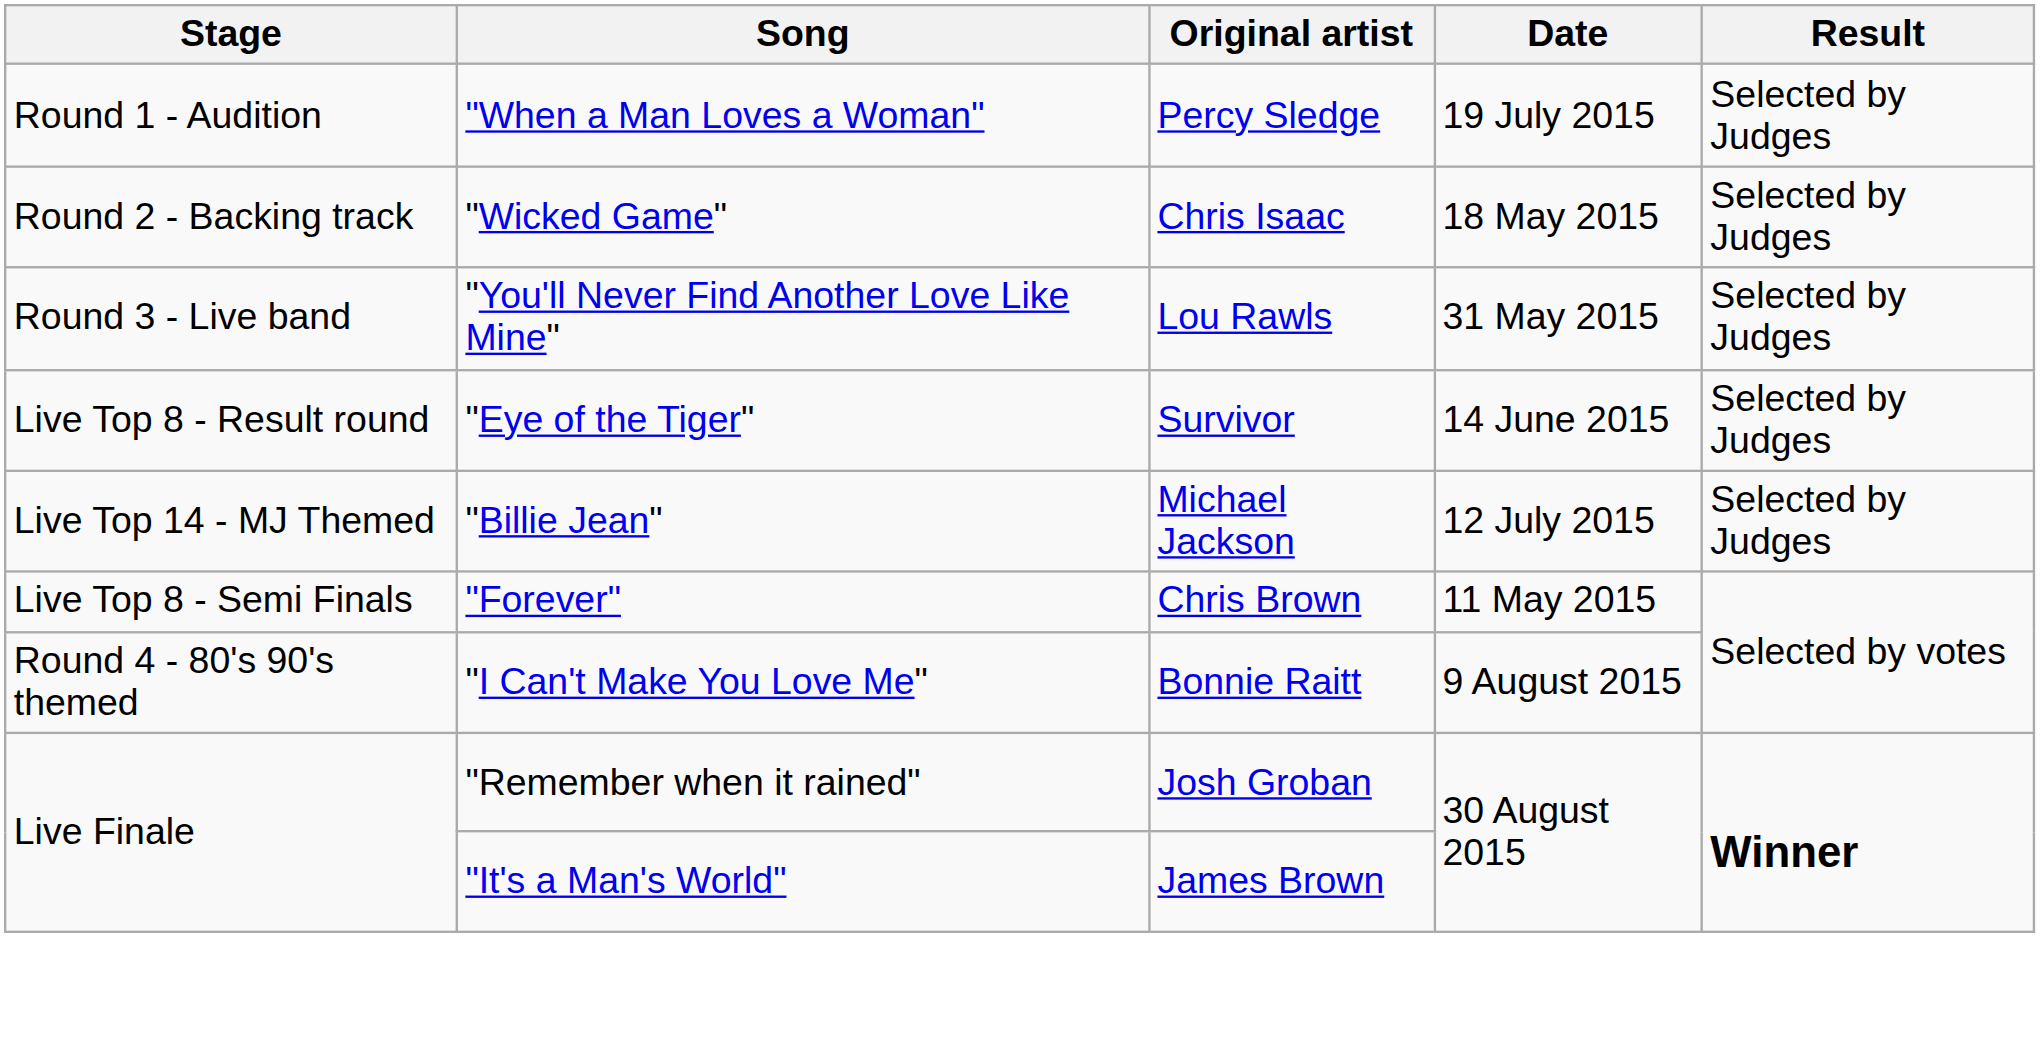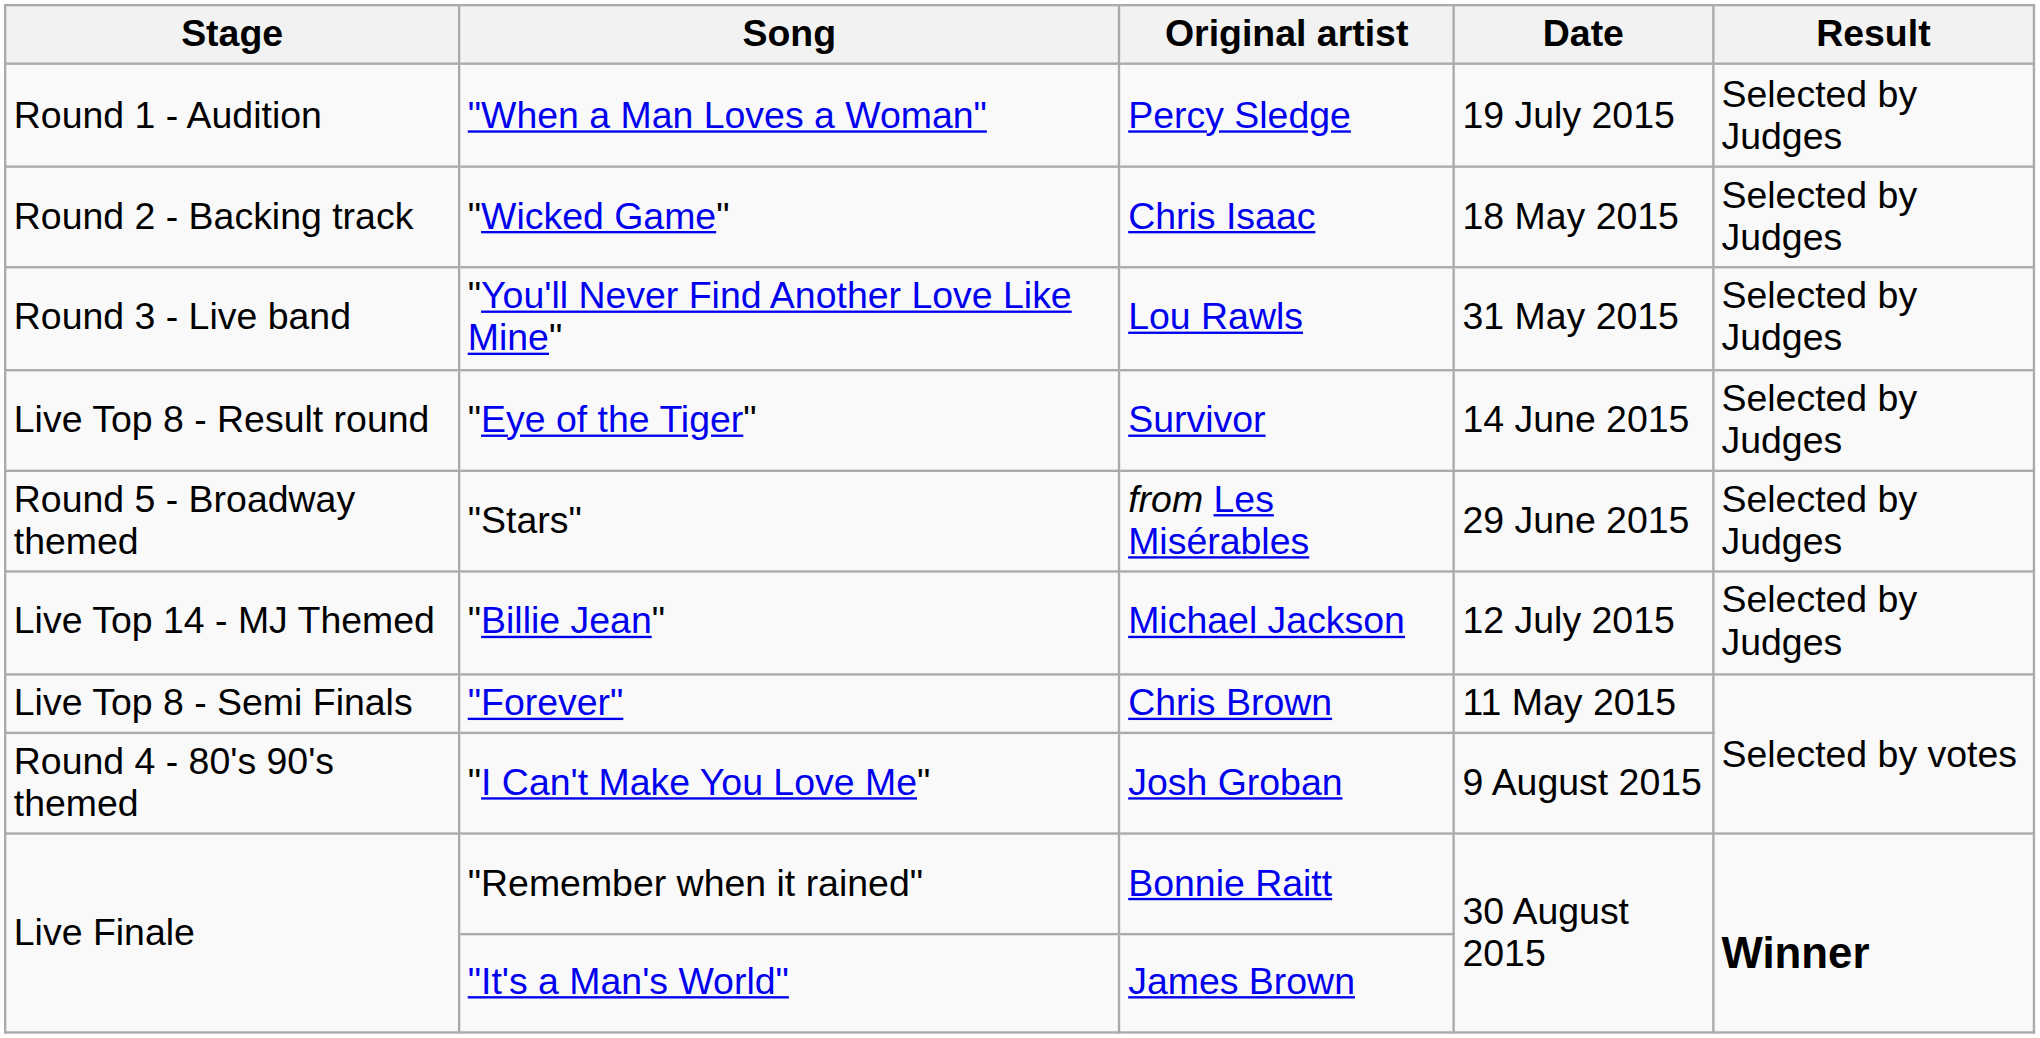 <table class="wikitable">
 <tr>
 <th>Stage</th>
 <th>Song</th>
 <th>Original artist</th>
 <th>Date</th>
 <th>Result</th>
 </tr>
 <tr>
 <td>Round 1 - Audition</td>
 <td><a href='#'>"When a Man Loves a Woman"</a></td>
 <td><a href='#'>Percy Sledge</a></td>
 <td>19 July 2015</td>
 <td>Selected by Judges</td>
 </tr>
 <tr>
 <td>Round 2 - Backing track</td>
 <td>"<a href='#'>Wicked Game</a>"</td>
 <td><a href='#'>Chris Isaac</a></td>
 <td>18 May 2015</td>
 <td>Selected by Judges</td>
 </tr>
 <tr>
 <td>Round 3 - Live band</td>
 <td>"<a href='#'>You'll Never Find Another Love Like Mine</a>"</td>
 <td><a href='#'>Lou Rawls</a></td>
 <td>31 May 2015</td>
 <td>Selected by Judges</td>
 </tr>
 <tr>
 <td>Live Top 8 - Result round</td>
 <td>"<a href='#'>Eye of the Tiger</a>"</td>
 <td><a href='#'>Survivor</a></td>
 <td>14 June 2015</td>
 <td>Selected by Judges</td>
 </tr>
 <tr>
+<td>Round 5 - Broadway themed</td>
+<td>"Stars"</td>
+<td><em>from</em> <a href='#'>Les Misérables</a></td>
+<td>29 June 2015</td>
+<td>Selected by Judges</td>
+</tr>
+<tr>
 <td>Live Top 14 - MJ Themed</td>
 <td>"<a href='#'>Billie Jean</a>"</td>
 <td><a href='#'>Michael Jackson</a></td>
 <td>12 July 2015</td>
 <td>Selected by Judges</td>
 </tr>
 <tr>
 <td>Live Top 8 - Semi Finals</td>
 <td><a href='#'>"Forever"</a></td>
 <td><a href='#'>Chris Brown</a></td>
 <td>11 May 2015</td>
 <td rowspan="2">Selected by votes</td>
 </tr>
 <tr>
 <td>Round 4 - 80's 90's themed</td>
 <td>"<a href='#'>I Can't Make You Love Me</a>"</td>
-<td><a href='#'>Bonnie Raitt</a></td>
+<td><a href='#'>Josh Groban</a></td>
 <td>9 August 2015</td>
 </tr>
 <tr>
 <td rowspan="2">Live Finale</td>
 <td>"Remember when it rained"</td>
-<td><a href='#'>Josh Groban</a></td>
+<td><a href='#'>Bonnie Raitt</a></td>
 <td rowspan="2">30 August 2015</td>
 <td rowspan="2"><br><h3>Winner</h3></td>
 </tr>
 <tr>
 <td><a href='#'>"It's a Man's World"</a></td>
 <td><a href='#'>James Brown</a></td>
 </tr>
 </table>
